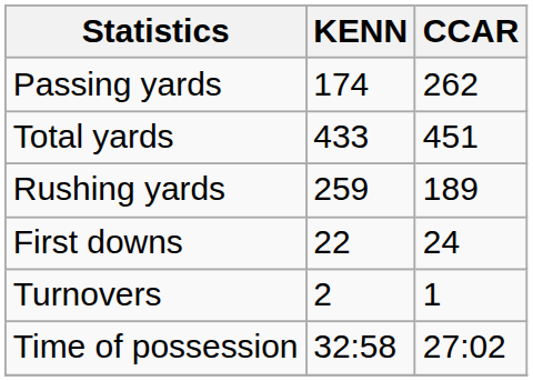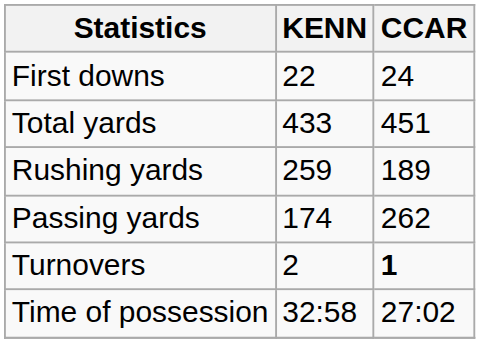 <table class="wikitable">
 <tr>
 <th>Statistics</th>
 <th>KENN</th>
 <th>CCAR</th>
 </tr>
 <tr>
-<td>Passing yards</td>
-<td>174</td>
-<td>262</td>
+<td>First downs</td>
+<td>22</td>
+<td>24</td>
 </tr>
 <tr>
 <td>Total yards</td>
 <td>433</td>
 <td>451</td>
 </tr>
 <tr>
 <td>Rushing yards</td>
 <td>259</td>
 <td>189</td>
 </tr>
 <tr>
-<td>First downs</td>
-<td>22</td>
-<td>24</td>
+<td>Passing yards</td>
+<td>174</td>
+<td>262</td>
 </tr>
 <tr>
 <td>Turnovers</td>
 <td>2</td>
-<td>1</td>
+<td><strong>1</strong></td>
 </tr>
 <tr>
 <td>Time of possession</td>
 <td>32:58</td>
 <td>27:02</td>
 </tr>
 <tr>
 </tr>
 </table>
